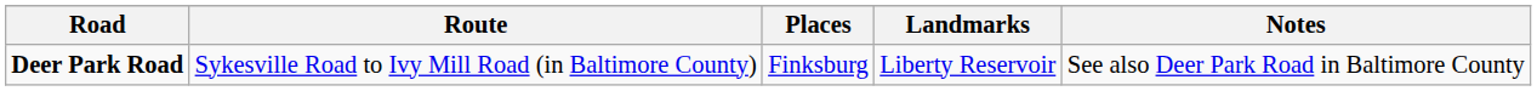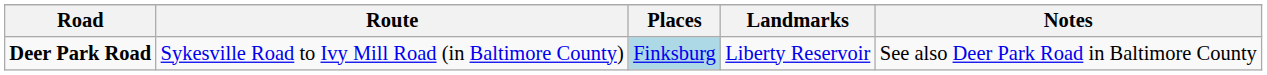 <table class="wikitable">
 <tr style="background-color:#DDDDDD;text-align:center;">
 </tr>
 <tr>
 <th>Road</th>
 <th>Route</th>
 <th>Places</th>
 <th>Landmarks</th>
 <th>Notes</th>
 </tr>
 <tr>
 <td><strong>Deer Park Road</strong></td>
 <td><a href='#'>Sykesville Road</a> to <a href='#'>Ivy Mill Road</a> (in <a href='#'>Baltimore County</a>)</td>
-<td><a href='#'>Finksburg</a></td>
+<td style="background: lightblue;"><a href='#'>Finksburg</a></td>
 <td><a href='#'>Liberty Reservoir</a></td>
 <td>See also <a href='#'>Deer Park Road</a> in Baltimore County</td>
 </tr>
 </table>
